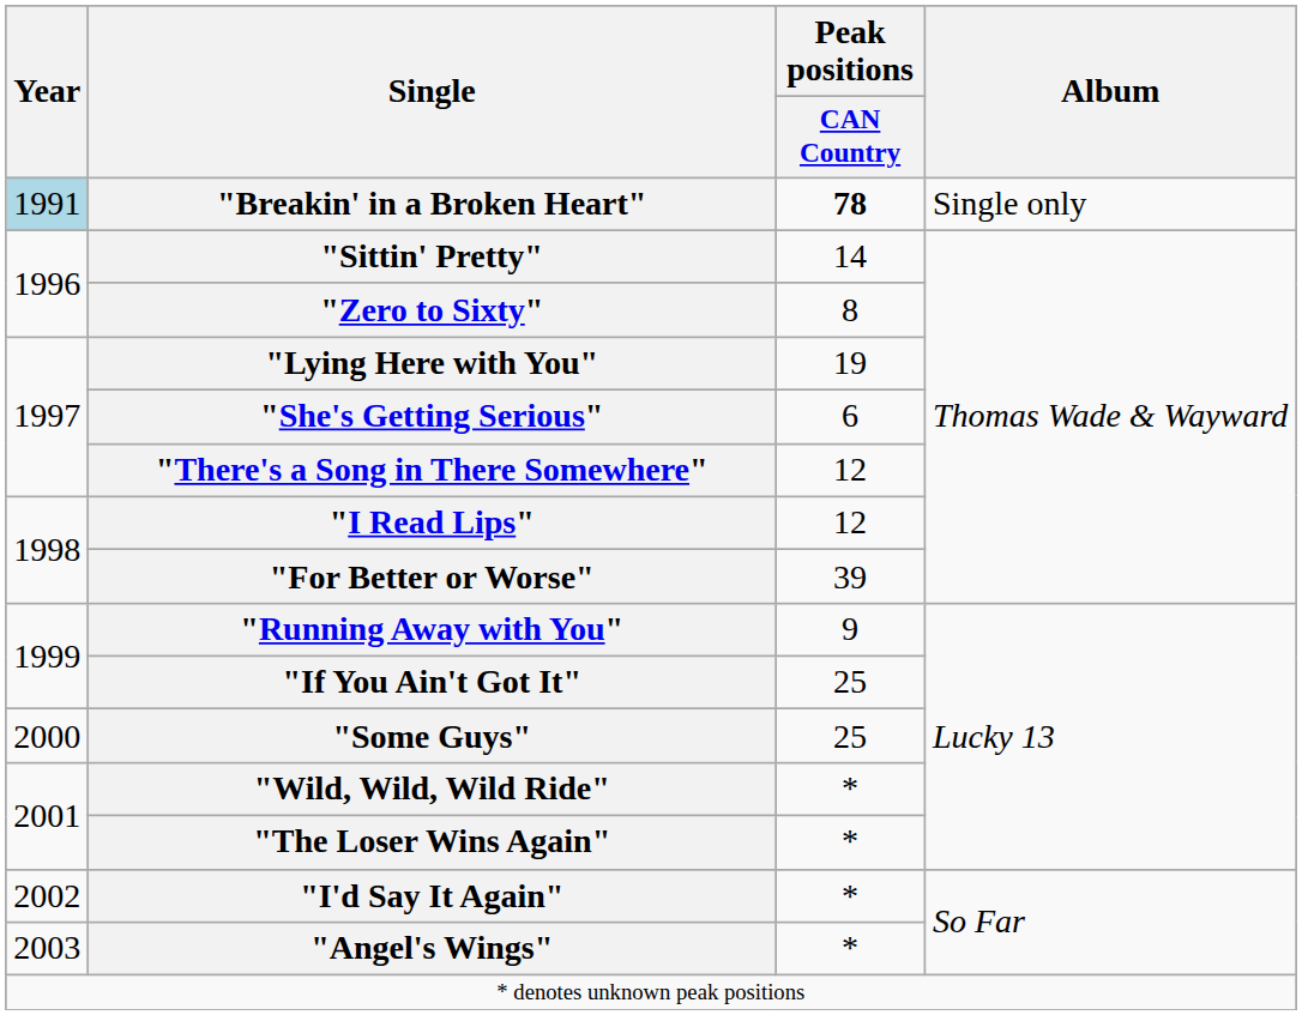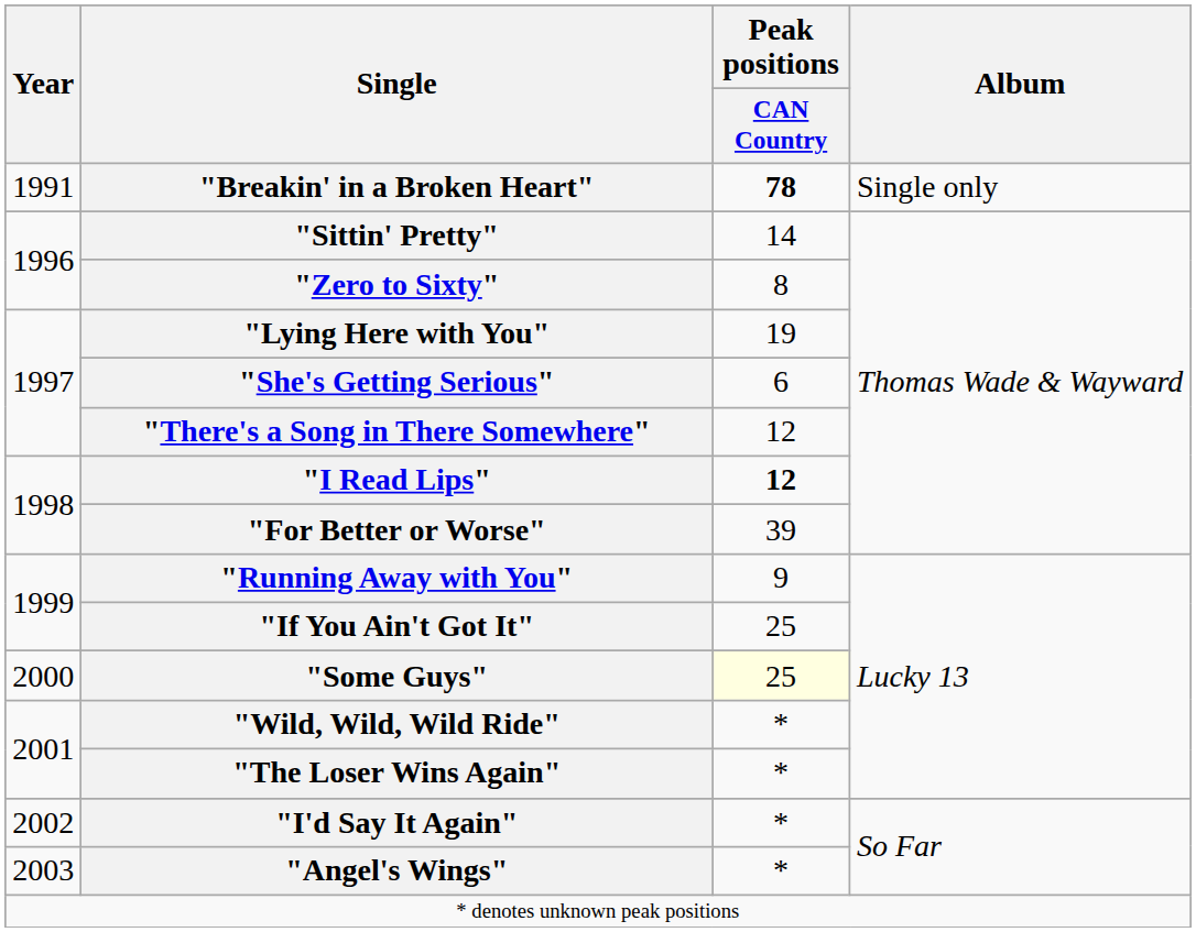 <table class="wikitable plainrowheaders" style="text-align:center;">
 <tr>
 <th rowspan="2">Year</th>
 <th rowspan="2" style="width:20em;">Single</th>
 <th>Peak positions</th>
 <th rowspan="2">Album</th>
 </tr>
 <tr style="font-size:smaller;">
 <th width="65"><a href='#'>CAN Country</a></th>
 </tr>
 <tr>
-<td style="background: lightblue;">1991</td>
+<td>1991</td>
 <th scope="row">"Breakin' in a Broken Heart"</th>
 <td><strong>78</strong></td>
 <td align="left">Single only</td>
 </tr>
 <tr>
 <td rowspan="2">1996</td>
 <th scope="row">"Sittin' Pretty"</th>
 <td>14</td>
 <td align="left" rowspan="7"><em>Thomas Wade & Wayward</em></td>
 </tr>
 <tr>
 <th scope="row">"<a href='#'>Zero to Sixty</a>"</th>
 <td>8</td>
 </tr>
 <tr>
 <td rowspan="3">1997</td>
 <th scope="row">"Lying Here with You"</th>
 <td>19</td>
 </tr>
 <tr>
 <th scope="row">"<a href='#'>She's Getting Serious</a>"</th>
 <td>6</td>
 </tr>
 <tr>
 <th scope="row">"<a href='#'>There's a Song in There Somewhere</a>"</th>
 <td>12</td>
 </tr>
 <tr>
 <td rowspan="2">1998</td>
 <th scope="row">"<a href='#'>I Read Lips</a>"</th>
-<td>12</td>
+<td><strong>12</strong></td>
 </tr>
 <tr>
 <th scope="row">"For Better or Worse"</th>
 <td>39</td>
 </tr>
 <tr>
 <td rowspan="2">1999</td>
 <th scope="row">"<a href='#'>Running Away with You</a>"</th>
 <td>9</td>
 <td align="left" rowspan="5"><em>Lucky 13</em></td>
 </tr>
 <tr>
 <th scope="row">"If You Ain't Got It"</th>
 <td>25</td>
 </tr>
 <tr>
 <td>2000</td>
 <th scope="row">"Some Guys"</th>
-<td>25</td>
+<td style="background: lightyellow;">25</td>
 </tr>
 <tr>
 <td rowspan="2">2001</td>
 <th scope="row">"Wild, Wild, Wild Ride"</th>
 <td>*</td>
 </tr>
 <tr>
 <th scope="row">"The Loser Wins Again"</th>
 <td>*</td>
 </tr>
 <tr>
 <td>2002</td>
 <th scope="row">"I'd Say It Again"</th>
 <td>*</td>
 <td align="left" rowspan="2"><em>So Far</em></td>
 </tr>
 <tr>
 <td>2003</td>
 <th scope="row">"Angel's Wings"</th>
 <td>*</td>
 </tr>
 <tr>
 <td colspan="4" style="font-size:8pt">* denotes unknown peak positions</td>
 </tr>
 <tr>
 </tr>
 </table>
